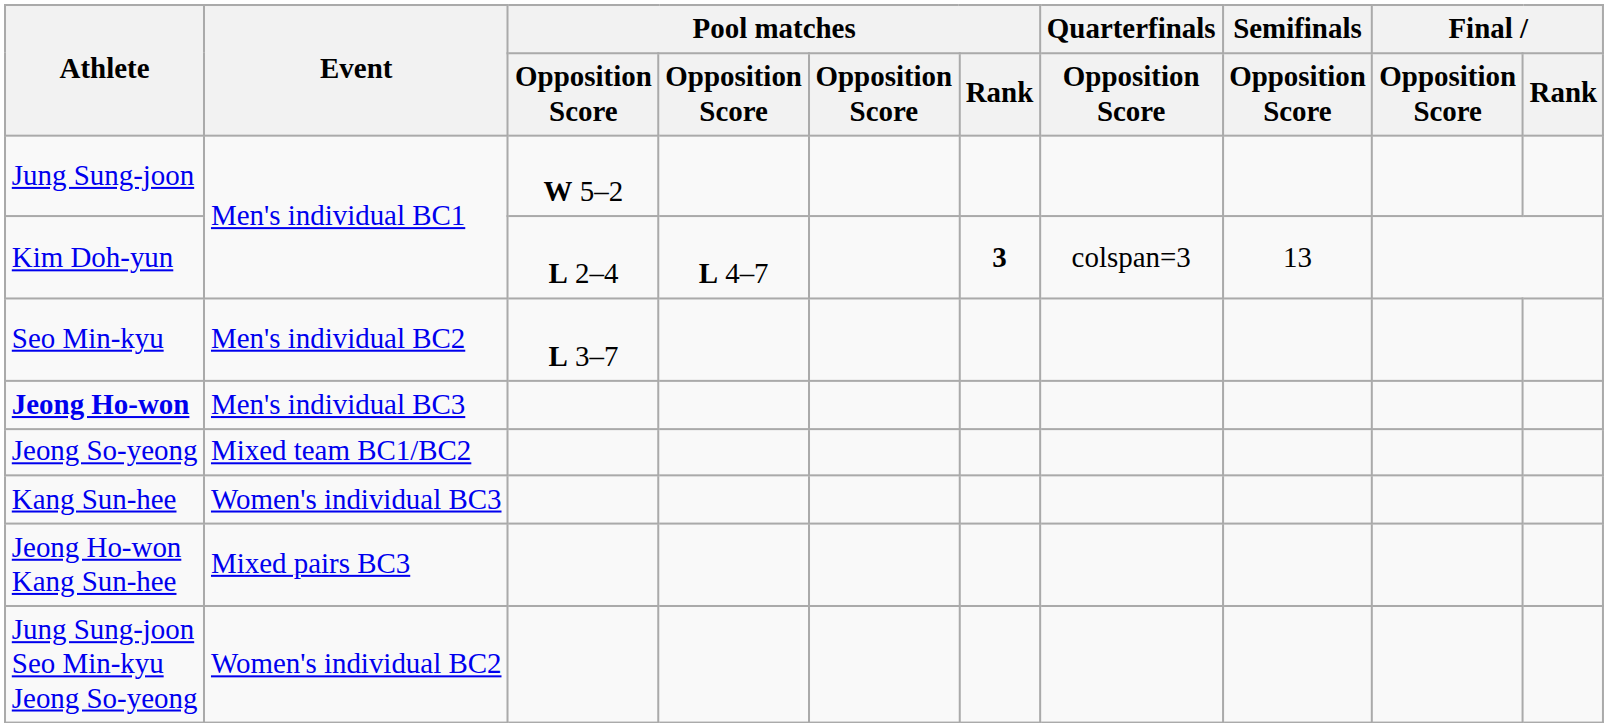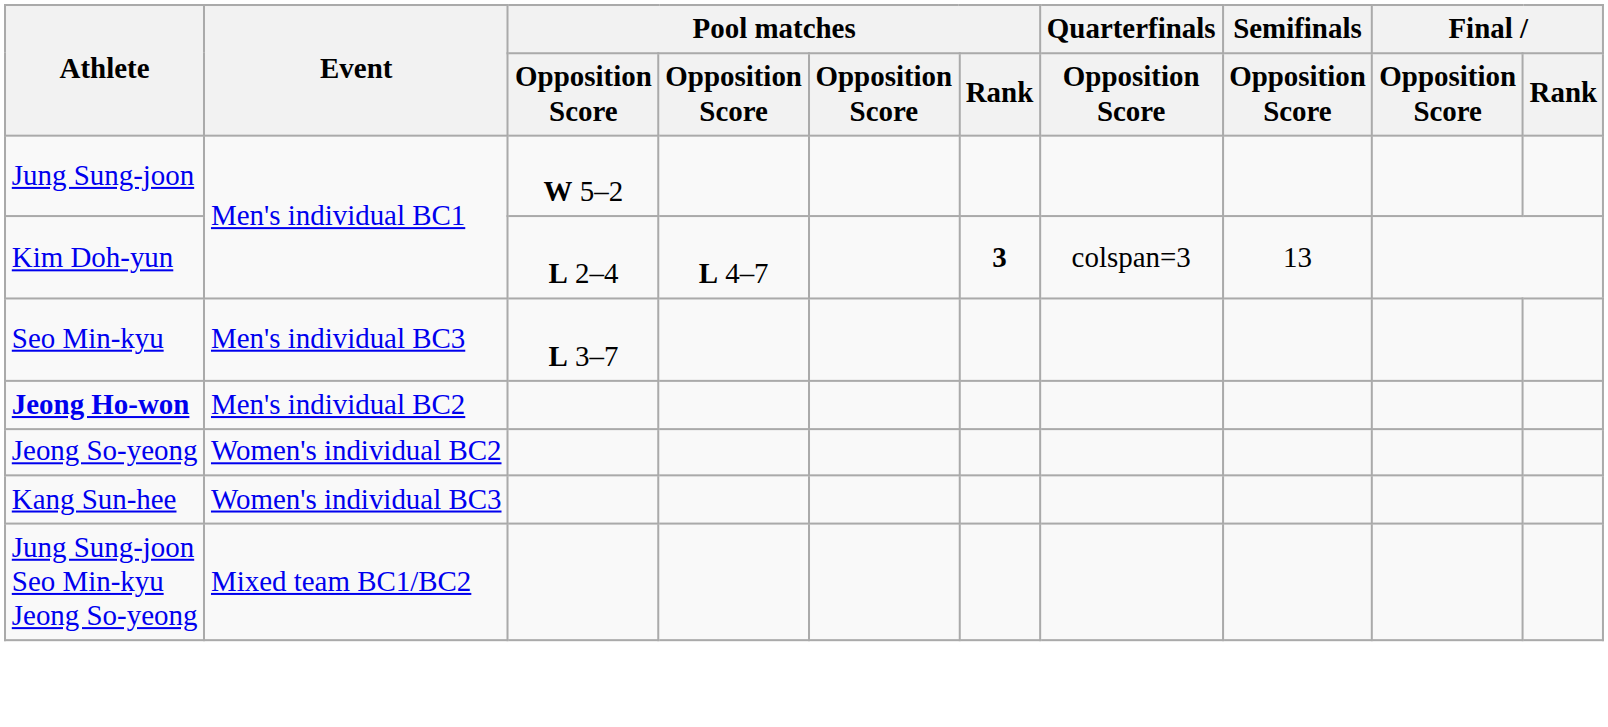 <table class=wikitable style="font-size:90%">
 <tr>
 <th rowspan="2">Athlete</th>
 <th rowspan="2">Event</th>
 <th colspan="4">Pool matches</th>
 <th>Quarterfinals</th>
 <th>Semifinals</th>
 <th colspan=2>Final / </th>
 </tr>
 <tr>
 <th>Opposition<br>Score</th>
 <th>Opposition<br>Score</th>
 <th>Opposition<br>Score</th>
 <th>Rank</th>
 <th>Opposition<br>Score</th>
 <th>Opposition<br>Score</th>
 <th>Opposition<br>Score</th>
 <th>Rank</th>
 </tr>
 <tr align=center>
 <td align=left><a href='#'>Jung Sung-joon</a></td>
 <td align=left rowspan=2><a href='#'>Men's individual BC1</a></td>
 <td align=center><br><strong>W</strong> 5–2</td>
 <td></td>
 <td></td>
 <td></td>
 <td></td>
 <td></td>
 <td></td>
 <td></td>
 </tr>
 <tr align=center>
 <td align=left><a href='#'>Kim Doh-yun</a></td>
 <td><br><strong>L</strong> 2–4</td>
 <td><br><strong>L</strong> 4–7</td>
 <td></td>
 <td><strong>3</strong></td>
 <td>colspan=3 </td>
 <td>13</td>
 </tr>
 <tr align=center>
 <td align=left><a href='#'>Seo Min-kyu</a></td>
-<td align=left><a href='#'>Men's individual BC2</a></td>
+<td align=left><a href='#'>Men's individual BC3</a></td>
 <td><br><strong>L</strong> 3–7</td>
 <td></td>
 <td></td>
 <td></td>
 <td></td>
 <td></td>
 <td></td>
 <td></td>
 </tr>
 <tr align=center>
 <td align=left><strong><a href='#'>Jeong Ho-won</a></strong></td>
-<td align=left><a href='#'>Men's individual BC3</a></td>
+<td align=left><a href='#'>Men's individual BC2</a></td>
 <td></td>
 <td></td>
 <td></td>
 <td></td>
 <td></td>
 <td></td>
 <td></td>
 <td></td>
 </tr>
 <tr align=center>
 <td align=left><a href='#'>Jeong So-yeong</a></td>
-<td align=left><a href='#'>Mixed team BC1/BC2</a></td>
+<td align=left><a href='#'>Women's individual BC2</a></td>
 <td></td>
 <td></td>
 <td></td>
 <td></td>
 <td></td>
 <td></td>
 <td></td>
 <td></td>
 </tr>
 <tr align=center>
 <td align=left><a href='#'>Kang Sun-hee</a></td>
 <td align=left><a href='#'>Women's individual BC3</a></td>
 <td></td>
 <td></td>
 <td></td>
 <td></td>
 <td></td>
 <td></td>
 <td></td>
 <td></td>
 </tr>
 <tr align=center>
-<td align=left><a href='#'>Jeong Ho-won</a><br><a href='#'>Kang Sun-hee</a></td>
-<td align=left><a href='#'>Mixed pairs BC3</a></td>
-<td></td>
-<td></td>
-<td></td>
-<td></td>
-<td></td>
-<td></td>
-<td></td>
-<td></td>
-</tr>
-<tr align=center>
 <td align=left><a href='#'>Jung Sung-joon</a><br><a href='#'>Seo Min-kyu</a><br><a href='#'>Jeong So-yeong</a></td>
-<td align=left><a href='#'>Women's individual BC2</a></td>
+<td align=left><a href='#'>Mixed team BC1/BC2</a></td>
 <td></td>
 <td></td>
 <td></td>
 <td></td>
 <td></td>
 <td></td>
 <td></td>
 <td></td>
 </tr>
 </table>
